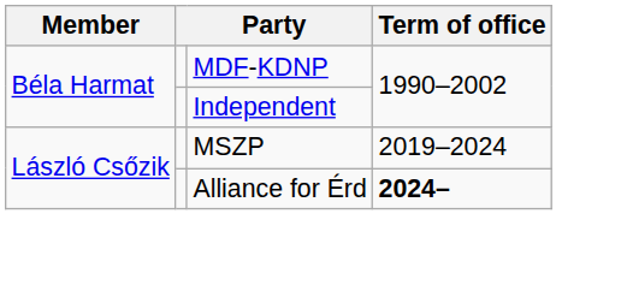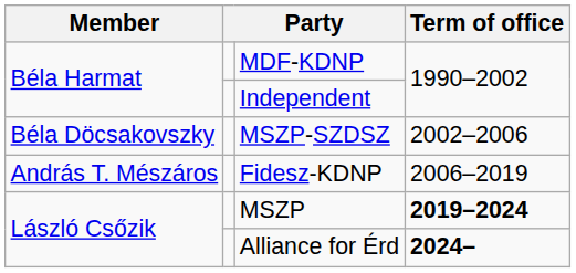 <table class=wikitable>
 <tr>
 <th>Member</th>
 <th colspan=2>Party</th>
 <th>Term of office</th>
 </tr>
 <tr>
 <td rowspan=2><a href='#'>Béla Harmat</a></td>
 <td style="background-color:"></td>
 <td><a href='#'>MDF</a>-<a href='#'>KDNP</a></td>
 <td rowspan=2>1990–2002</td>
 </tr>
 <tr>
 <td style="background-color:"></td>
 <td><a href='#'>Independent</a></td>
 </tr>
 <tr>
+<td><a href='#'>Béla Döcsakovszky</a></td>
+<td style="background-color:"></td>
+<td><a href='#'>MSZP</a>-<a href='#'>SZDSZ</a></td>
+<td>2002–2006</td>
+</tr>
+<tr>
+<td><a href='#'>András T. Mészáros</a></td>
+<td style="background-color:"></td>
+<td><a href='#'>Fidesz</a>-KDNP</td>
+<td>2006–2019</td>
+</tr>
+<tr>
 <td rowspan="2"><a href='#'>László Csőzik</a></td>
 <td style="background-color:"></td>
 <td>MSZP</td>
-<td>2019–2024</td>
+<td><strong>2019–2024</strong></td>
 </tr>
 <tr>
 <td></td>
 <td>Alliance for Érd</td>
 <td><strong>2024–</strong></td>
 </tr>
 </table>
